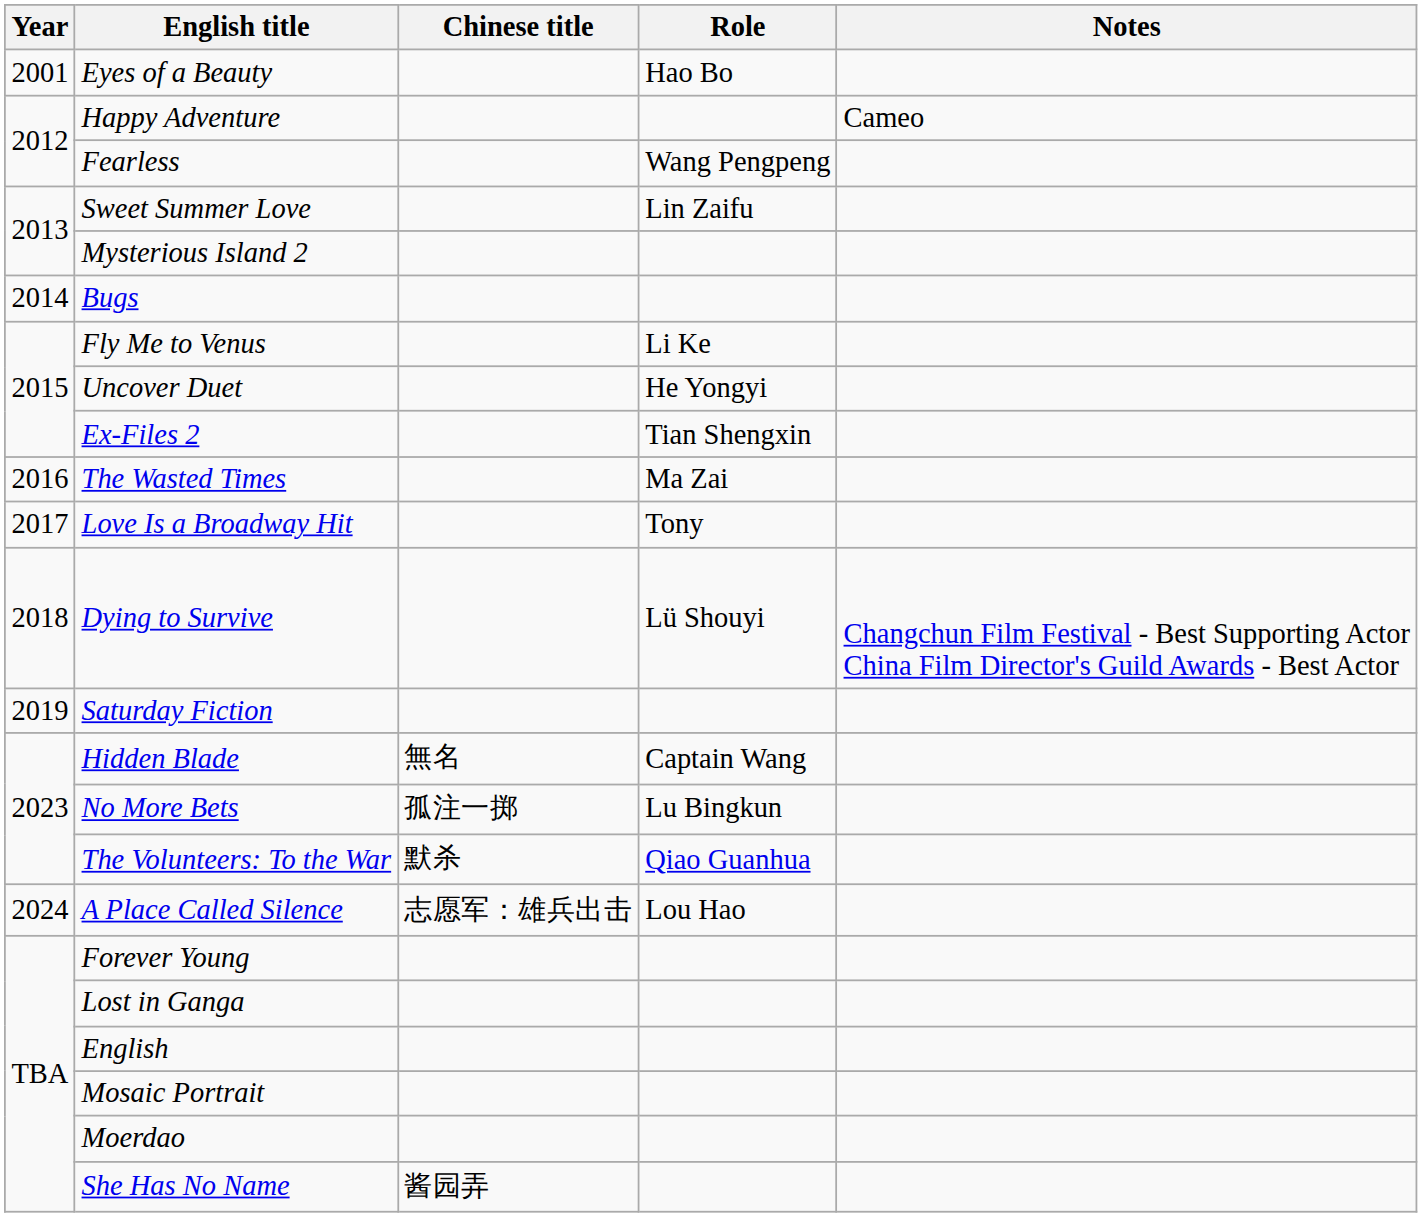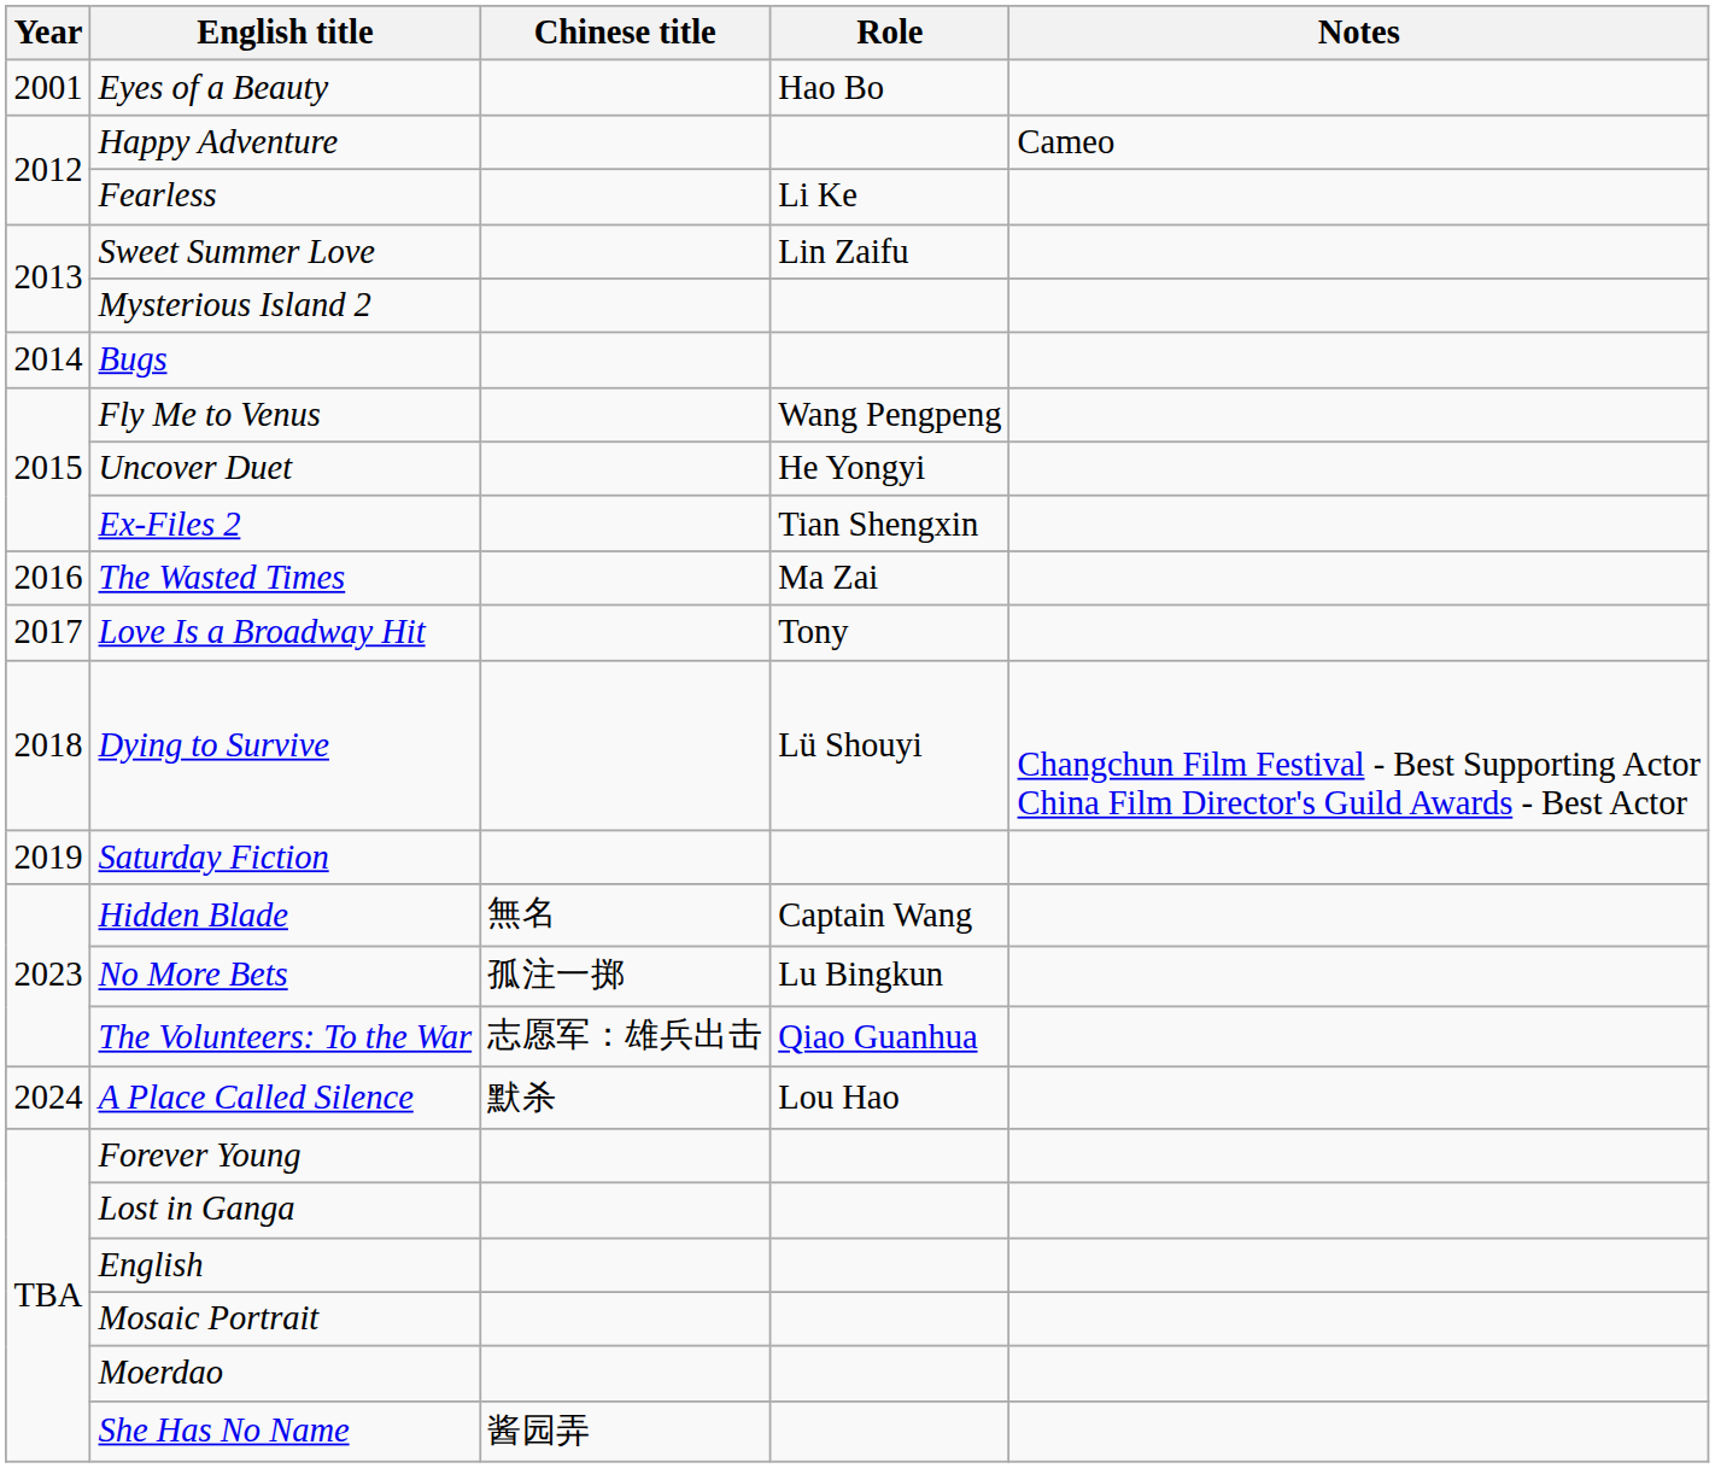 <table class="wikitable">
 <tr>
 <th>Year</th>
 <th>English title</th>
 <th>Chinese title</th>
 <th>Role</th>
 <th>Notes</th>
 </tr>
 <tr>
 <td>2001</td>
 <td><em>Eyes of a Beauty</em></td>
 <td></td>
 <td>Hao Bo</td>
 <td></td>
 </tr>
 <tr>
 <td rowspan="2">2012</td>
 <td><em>Happy Adventure</em></td>
 <td></td>
 <td></td>
 <td>Cameo</td>
 </tr>
 <tr>
 <td><em>Fearless</em></td>
 <td></td>
-<td>Wang Pengpeng</td>
+<td>Li Ke</td>
 <td></td>
 </tr>
 <tr>
 <td rowspan="2">2013</td>
 <td><em>Sweet Summer Love</em></td>
 <td></td>
 <td>Lin Zaifu</td>
 <td></td>
 </tr>
 <tr>
 <td><em>Mysterious Island 2</em></td>
 <td></td>
 <td></td>
 <td></td>
 </tr>
 <tr>
 <td>2014</td>
 <td><em><a href='#'>Bugs</a></em></td>
 <td></td>
 <td></td>
 <td></td>
 </tr>
 <tr>
 <td rowspan="3">2015</td>
 <td><em>Fly Me to Venus</em></td>
 <td></td>
-<td>Li Ke</td>
+<td>Wang Pengpeng</td>
 <td></td>
 </tr>
 <tr>
 <td><em>Uncover Duet</em></td>
 <td></td>
 <td>He Yongyi</td>
 <td></td>
 </tr>
 <tr>
 <td><em><a href='#'>Ex-Files 2</a></em></td>
 <td></td>
 <td>Tian Shengxin</td>
 <td></td>
 </tr>
 <tr>
 <td>2016</td>
 <td><em><a href='#'>The Wasted Times</a></em></td>
 <td></td>
 <td>Ma Zai</td>
 <td></td>
 </tr>
 <tr>
 <td>2017</td>
 <td><em><a href='#'>Love Is a Broadway Hit</a></em></td>
 <td></td>
 <td>Tony</td>
 <td></td>
 </tr>
 <tr>
 <td>2018</td>
 <td><em><a href='#'>Dying to Survive</a></em></td>
 <td></td>
 <td>Lü Shouyi</td>
 <td><br><br><a href='#'>Changchun Film Festival</a> - Best Supporting Actor<br> <a href='#'>China Film Director's Guild Awards</a> - Best Actor</td>
 </tr>
 <tr>
 <td>2019</td>
 <td><em><a href='#'>Saturday Fiction</a></em></td>
 <td></td>
 <td></td>
 <td></td>
 </tr>
 <tr>
 <td rowspan="3">2023</td>
 <td><em><a href='#'>Hidden Blade</a></em></td>
 <td>無名</td>
 <td>Captain Wang</td>
 <td></td>
 </tr>
 <tr>
 <td><em><a href='#'>No More Bets</a></em></td>
 <td>孤注一掷</td>
 <td>Lu Bingkun</td>
 <td></td>
 </tr>
 <tr>
 <td><em><a href='#'>The Volunteers: To the War</a></em></td>
-<td>默杀</td>
+<td>志愿军：雄兵出击</td>
 <td><a href='#'>Qiao Guanhua</a></td>
 <td></td>
 </tr>
 <tr>
 <td>2024</td>
 <td><em><a href='#'>A Place Called Silence</a></em></td>
-<td>志愿军：雄兵出击</td>
+<td>默杀</td>
 <td>Lou Hao</td>
 <td></td>
 </tr>
 <tr>
 <td rowspan="6">TBA</td>
 <td><em>Forever Young</em></td>
 <td></td>
 <td></td>
 <td></td>
 </tr>
 <tr>
 <td><em>Lost in Ganga</em></td>
 <td></td>
 <td></td>
 <td></td>
 </tr>
 <tr>
 <td><em>English</em></td>
 <td></td>
 <td></td>
 <td></td>
 </tr>
 <tr>
 <td><em>Mosaic Portrait</em></td>
 <td></td>
 <td></td>
 <td></td>
 </tr>
 <tr>
 <td><em>Moerdao</em></td>
 <td></td>
 <td></td>
 <td></td>
 </tr>
 <tr>
 <td><em><a href='#'>She Has No Name</a></em></td>
 <td>酱园弄</td>
 <td></td>
 <td></td>
 </tr>
 </table>
